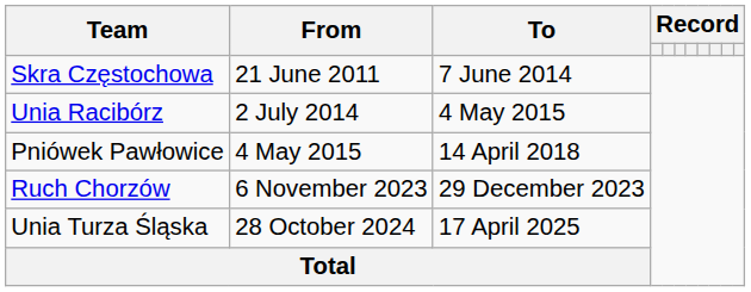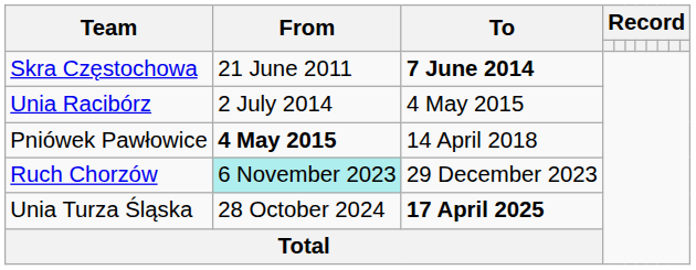 <table class="wikitable" style="text-align: center;">
 <tr>
 <th rowspan="2">Team</th>
 <th rowspan="2">From</th>
 <th rowspan="2">To</th>
 <th colspan="8">Record</th>
 </tr>
 <tr>
 <th></th>
 <th></th>
 <th></th>
 <th></th>
 <th></th>
 <th></th>
 <th></th>
 <th></th>
 </tr>
 <tr>
 <td align=left><a href='#'>Skra Częstochowa</a></td>
 <td align=left>21 June 2011</td>
-<td align=left>7 June 2014<br></td>
+<td align=left><strong>7 June 2014<br></strong></td>
 </tr>
 <tr>
 <td align=left><a href='#'>Unia Racibórz</a></td>
 <td align=left>2 July 2014</td>
 <td align=left>4 May 2015<br></td>
 </tr>
 <tr>
 <td align=left>Pniówek Pawłowice</td>
-<td align=left>4 May 2015</td>
+<td align=left><strong>4 May 2015</strong></td>
 <td align=left>14 April 2018<br></td>
 </tr>
 <tr>
 <td align=left><a href='#'>Ruch Chorzów</a></td>
-<td align=left>6 November 2023</td>
+<td align=left style="background: paleturquoise;">6 November 2023</td>
 <td align=left>29 December 2023<br></td>
 </tr>
 <tr>
 <td align=left>Unia Turza Śląska</td>
 <td align=left>28 October 2024</td>
-<td align=left>17 April 2025<br></td>
+<td align=left><strong>17 April 2025<br></strong></td>
 </tr>
 <tr>
 <th colspan="3">Total<br></th>
 </tr>
 </table>
